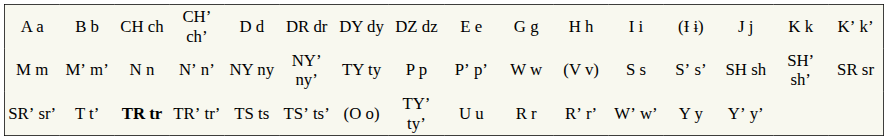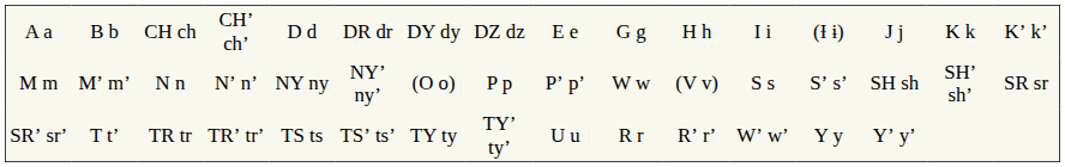 <table style="font-family:Arial Unicode MS; font-size:1.4em; border-color:#000000; border-width:1px; border-style:solid; border-collapse:collapse; background-color:#F8F8EF">
 <tr>
 <td style="width:3em; text-align:center; padding: 3px;">A a</td>
 <td style="width:3em; text-align:center; padding: 3px;">B b</td>
 <td style="width:3em; text-align:center; padding: 3px;">CH ch</td>
 <td style="width:3em; text-align:center; padding: 3px;">CHʼ chʼ</td>
 <td style="width:3em; text-align:center; padding: 3px;">D d</td>
 <td style="width:3em; text-align:center; padding: 3px;">DR dr</td>
 <td style="width:3em; text-align:center; padding: 3px;">DY dy</td>
 <td style="width:3em; text-align:center; padding: 3px;">DZ dz</td>
 <td style="width:3em; text-align:center; padding: 3px;">E e</td>
 <td style="width:3em; text-align:center; padding: 3px;">G g</td>
 <td style="width:3em; text-align:center; padding: 3px;">H h</td>
 <td style="width:3em; text-align:center; padding: 3px;">I i</td>
 <td style="width:3em; text-align:center; padding: 3px;">(Ɨ ɨ)</td>
 <td style="width:3em; text-align:center; padding: 3px;">J j</td>
 <td style="width:3em; text-align:center; padding: 3px;">K k</td>
 <td style="width:3em; text-align:center; padding: 3px;">Kʼ kʼ</td>
 </tr>
 <tr>
 <td style="width:3em; text-align:center; padding: 3px;">M m</td>
 <td style="width:3em; text-align:center; padding: 3px;">Mʼ mʼ</td>
 <td style="width:3em; text-align:center; padding: 3px;">N n</td>
 <td style="width:3em; text-align:center; padding: 3px;">Nʼ nʼ</td>
 <td style="width:3em; text-align:center; padding: 3px;">NY ny</td>
 <td style="width:3em; text-align:center; padding: 3px;">NYʼ nyʼ</td>
-<td style="width:3em; text-align:center; padding: 3px;">TY ty</td>
+<td style="width:3em; text-align:center; padding: 3px;">(O o)</td>
 <td style="width:3em; text-align:center; padding: 3px;">P p</td>
 <td style="width:3em; text-align:center; padding: 3px;">Pʼ pʼ</td>
 <td style="width:3em; text-align:center; padding: 3px;">W w</td>
 <td style="width:3em; text-align:center; padding: 3px;">(V v)</td>
 <td style="width:3em; text-align:center; padding: 3px;">S s</td>
 <td style="width:3em; text-align:center; padding: 3px;">Sʼ sʼ</td>
 <td style="width:3em; text-align:center; padding: 3px;">SH sh</td>
 <td style="width:3em; text-align:center; padding: 3px;">SHʼ shʼ</td>
 <td style="width:3em; text-align:center; padding: 3px;">SR sr</td>
 </tr>
 <tr>
 <td style="width:3em; text-align:center; padding: 3px;">SRʼ srʼ</td>
 <td style="width:3em; text-align:center; padding: 3px;">T tʼ</td>
-<td style="width:3em; text-align:center; padding: 3px;"><strong>TR tr</strong></td>
+<td style="width:3em; text-align:center; padding: 3px;">TR tr</td>
 <td style="width:3em; text-align:center; padding: 3px;">TRʼ trʼ</td>
 <td style="width:3em; text-align:center; padding: 3px;">TS ts</td>
 <td style="width:3em; text-align:center; padding: 3px;">TSʼ tsʼ</td>
-<td style="width:3em; text-align:center; padding: 3px;">(O o)</td>
+<td style="width:3em; text-align:center; padding: 3px;">TY ty</td>
 <td style="width:3em; text-align:center; padding: 3px;">TYʼ tyʼ</td>
 <td style="width:3em; text-align:center; padding: 3px;">U u</td>
 <td style="width:3em; text-align:center; padding: 3px;">R r</td>
 <td style="width:3em; text-align:center; padding: 3px;">Rʼ rʼ</td>
 <td style="width:3em; text-align:center; padding: 3px;">Wʼ wʼ</td>
 <td style="width:3em; text-align:center; padding: 3px;">Y y</td>
 <td style="width:3em; text-align:center; padding: 3px;">Yʼ yʼ</td>
 <td style="width:3em; text-align:center; padding: 3px;"></td>
 <td style="width:3em; text-align:center; padding: 3px;"></td>
 </tr>
 </table>
